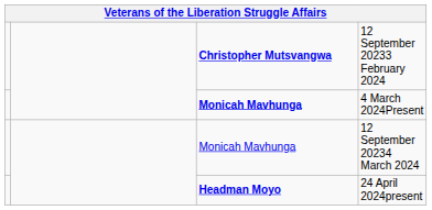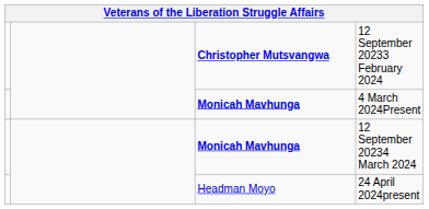 <table class="wikitable">
 <tr>
 <th colspan="4"><a href='#'>Veterans of the Liberation Struggle Affairs</a></th>
 </tr>
 <tr>
 <td style="width: 1px; background: "></td>
 <td rowspan="2" style="width: 450px;"></td>
 <td style="width: 320px;"> <strong><a href='#'>Christopher Mutsvangwa</a></strong></td>
 <td>12 September 20233 February 2024</td>
 </tr>
 <tr>
 <td style="width: 1px; background: "></td>
 <td style="width: 320px;"> <strong><a href='#'>Monicah Mavhunga</a></strong></td>
 <td>4 March 2024Present</td>
 </tr>
 <tr>
 <td style="width: 1px; background: "></td>
 <td rowspan="2" style="width: 450px;"></td>
-<td style="width: 320px;"> <a href='#'>Monicah Mavhunga</a></td>
+<td style="width: 320px;"><strong> <a href='#'>Monicah Mavhunga</a></strong></td>
 <td>12 September 20234 March 2024</td>
 </tr>
 <tr>
 <td style="width: 1px; background: "></td>
-<td style="width: 320px;"><strong> <a href='#'>Headman Moyo</a></strong></td>
+<td style="width: 320px;"> <a href='#'>Headman Moyo</a></td>
 <td>24 April 2024present</td>
 </tr>
 </table>
